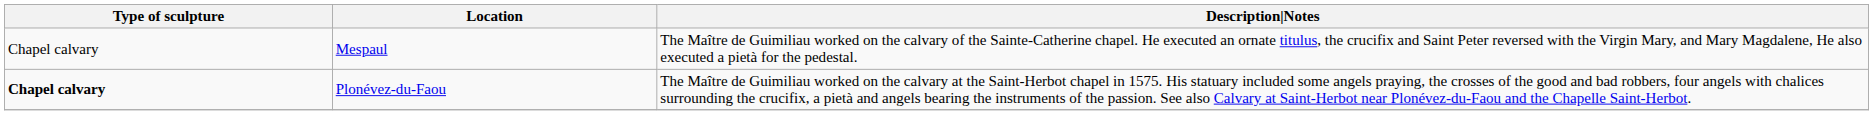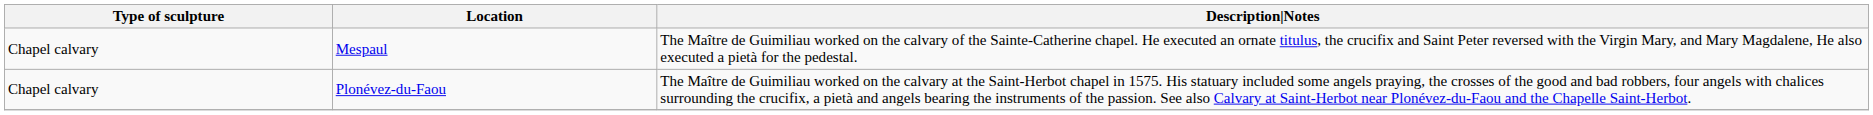 <table class="wikitable sortable" style="width:100%; margin-top:0.5em;">
 <tr>
 <th scope="col">Type of sculpture</th>
 <th scope="col">Location</th>
 <th scope="col" width="65%">Description|Notes</th>
 </tr>
 <tr>
 <td>Chapel calvary</td>
 <td><a href='#'>Mespaul</a></td>
 <td>The Maître de Guimiliau worked on the calvary of the Sainte-Catherine chapel. He executed an ornate <a href='#'>titulus</a>, the crucifix and Saint Peter reversed with the Virgin Mary, and Mary Magdalene,  He also executed a pietà for the pedestal.</td>
 </tr>
 <tr>
-<td><strong>Chapel calvary</strong></td>
+<td>Chapel calvary</td>
 <td><a href='#'>Plonévez-du-Faou</a></td>
 <td>The Maître de Guimiliau worked on the calvary at the Saint-Herbot chapel in 1575.  His statuary included some angels praying, the crosses of the good and bad robbers, four angels with chalices surrounding the crucifix, a pietà and angels bearing the instruments of the passion. See also <a href='#'>Calvary at Saint-Herbot near Plonévez-du-Faou and the Chapelle Saint-Herbot</a>.<br></td>
 </tr>
 <tr>
 </tr>
 </table>
